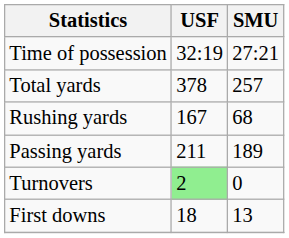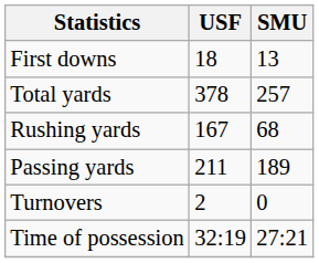 <table class="wikitable">
 <tr>
 <th>Statistics</th>
 <th>USF</th>
 <th>SMU</th>
 </tr>
 <tr>
-<td>Time of possession</td>
-<td>32:19</td>
-<td>27:21</td>
+<td>First downs</td>
+<td>18</td>
+<td>13</td>
 </tr>
 <tr>
 <td>Total yards</td>
 <td>378</td>
 <td>257</td>
 </tr>
 <tr>
 <td>Rushing yards</td>
 <td>167</td>
 <td>68</td>
 </tr>
 <tr>
 <td>Passing yards</td>
 <td>211</td>
 <td>189</td>
 </tr>
 <tr>
 <td>Turnovers</td>
-<td style="background: lightgreen;">2</td>
+<td>2</td>
 <td>0</td>
 </tr>
 <tr>
-<td>First downs</td>
-<td>18</td>
-<td>13</td>
+<td>Time of possession</td>
+<td>32:19</td>
+<td>27:21</td>
 </tr>
 <tr>
 </tr>
 </table>
